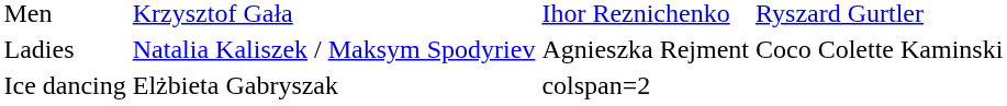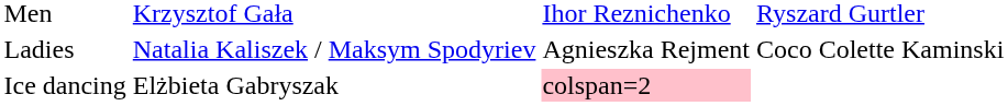 <table>
 <tr>
 <td>Men</td>
 <td><a href='#'>Krzysztof Gała</a></td>
 <td><a href='#'>Ihor Reznichenko</a></td>
 <td><a href='#'>Ryszard Gurtler</a></td>
 </tr>
 <tr>
 <td>Ladies</td>
 <td><a href='#'>Natalia Kaliszek</a> / <a href='#'>Maksym Spodyriev</a></td>
 <td>Agnieszka Rejment</td>
 <td>Coco Colette Kaminski</td>
 </tr>
 <tr>
 <td>Ice dancing</td>
 <td>Elżbieta Gabryszak</td>
-<td>colspan=2 </td>
+<td style="background: pink;">colspan=2 </td>
 </tr>
 </table>
